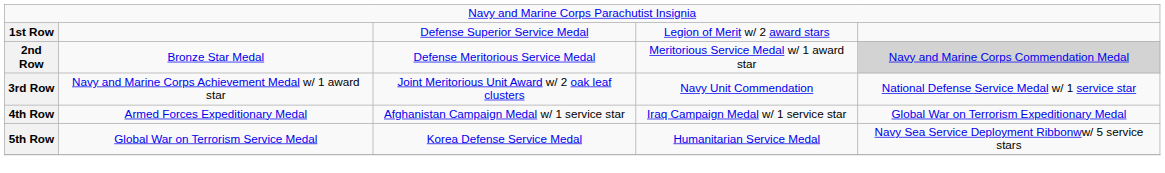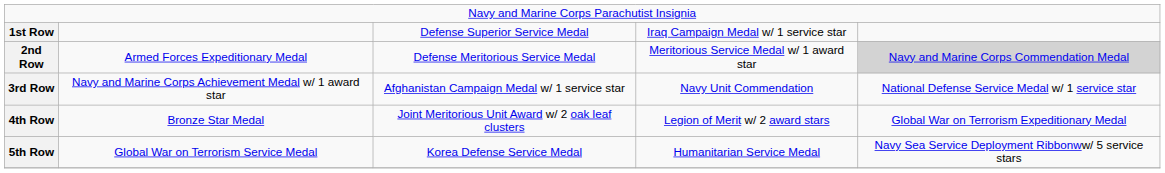 <table class="wikitable" style="margin:1em auto; text-align:center;">
 <tr>
 <td colspan="5"><a href='#'>Navy and Marine Corps Parachutist Insignia</a></td>
 </tr>
 <tr>
 <th>1st Row</th>
 <td></td>
 <td><a href='#'>Defense Superior Service Medal</a></td>
-<td><a href='#'>Legion of Merit</a> w/ 2 <a href='#'>award stars</a></td>
+<td><a href='#'>Iraq Campaign Medal</a> w/ 1 service star</td>
 <td></td>
 </tr>
 <tr>
 <th>2nd Row</th>
-<td><a href='#'>Bronze Star Medal</a></td>
+<td><a href='#'>Armed Forces Expeditionary Medal</a></td>
 <td><a href='#'>Defense Meritorious Service Medal</a></td>
 <td><a href='#'>Meritorious Service Medal</a> w/ 1 award star</td>
 <td style="background: lightgrey;"><a href='#'>Navy and Marine Corps Commendation Medal</a></td>
 </tr>
 <tr>
 <th>3rd Row</th>
 <td><a href='#'>Navy and Marine Corps Achievement Medal</a> w/ 1 award star</td>
-<td><a href='#'>Joint Meritorious Unit Award</a> w/ 2 <a href='#'>oak leaf clusters</a></td>
+<td><a href='#'>Afghanistan Campaign Medal</a> w/ 1 service star</td>
 <td><a href='#'>Navy Unit Commendation</a></td>
 <td><a href='#'>National Defense Service Medal</a> w/ 1 <a href='#'>service star</a></td>
 </tr>
 <tr>
 <th>4th Row</th>
-<td><a href='#'>Armed Forces Expeditionary Medal</a></td>
-<td><a href='#'>Afghanistan Campaign Medal</a> w/ 1 service star</td>
-<td><a href='#'>Iraq Campaign Medal</a> w/ 1 service star</td>
+<td><a href='#'>Bronze Star Medal</a></td>
+<td><a href='#'>Joint Meritorious Unit Award</a> w/ 2 <a href='#'>oak leaf clusters</a></td>
+<td><a href='#'>Legion of Merit</a> w/ 2 <a href='#'>award stars</a></td>
 <td><a href='#'>Global War on Terrorism Expeditionary Medal</a></td>
 </tr>
 <tr>
 <th>5th Row</th>
 <td><a href='#'>Global War on Terrorism Service Medal</a></td>
 <td><a href='#'>Korea Defense Service Medal</a></td>
 <td><a href='#'>Humanitarian Service Medal</a></td>
 <td><a href='#'>Navy Sea Service Deployment Ribbonw</a>w/ 5 service stars</td>
 </tr>
 <tr>
 </tr>
 </table>
